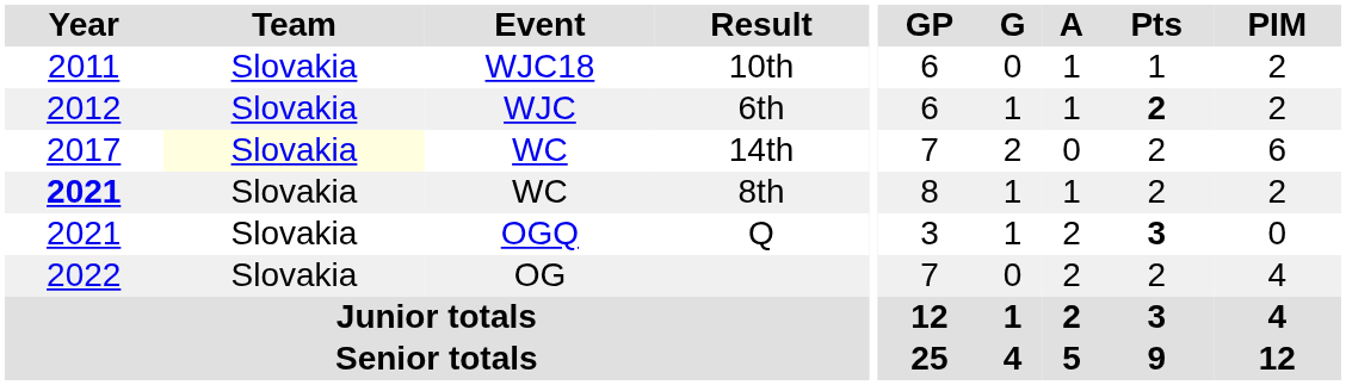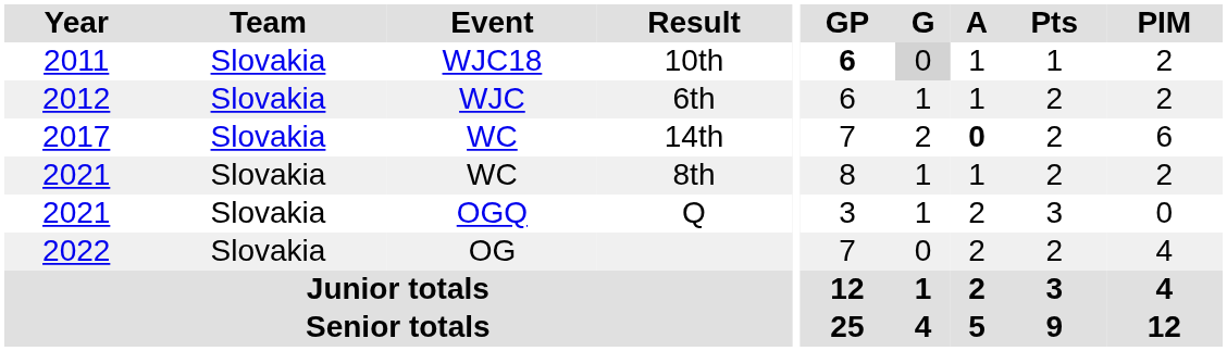 <table border="0" cellpadding="1" cellspacing="0" ID="Table3" style="text-align:center; width:40em">
 <tr ALIGN="center" bgcolor="#e0e0e0">
 <th>Year</th>
 <th>Team</th>
 <th>Event</th>
 <th>Result</th>
 <th rowspan="99" bgcolor="#ffffff"></th>
 <th>GP</th>
 <th>G</th>
 <th>A</th>
 <th>Pts</th>
 <th>PIM</th>
 </tr>
 <tr>
 <td><a href='#'>2011</a></td>
 <td><a href='#'>Slovakia</a></td>
 <td><a href='#'>WJC18</a></td>
 <td>10th</td>
-<td>6</td>
-<td>0</td>
+<td><strong>6</strong></td>
+<td style="background: lightgrey;">0</td>
 <td>1</td>
 <td>1</td>
 <td>2</td>
 </tr>
 <tr bgcolor="#f0f0f0">
 <td><a href='#'>2012</a></td>
 <td><a href='#'>Slovakia</a></td>
 <td><a href='#'>WJC</a></td>
 <td>6th</td>
 <td>6</td>
 <td>1</td>
 <td>1</td>
-<td><strong>2</strong></td>
+<td>2</td>
 <td>2</td>
 </tr>
 <tr>
 <td><a href='#'>2017</a></td>
-<td style="background: lightyellow;"><a href='#'>Slovakia</a></td>
+<td><a href='#'>Slovakia</a></td>
 <td><a href='#'>WC</a></td>
 <td>14th</td>
 <td>7</td>
 <td>2</td>
-<td>0</td>
+<td><strong>0</strong></td>
 <td>2</td>
 <td>6</td>
 </tr>
 <tr bgcolor="#f0f0f0">
-<td><strong><a href='#'>2021</a></strong></td>
+<td><a href='#'>2021</a></td>
 <td>Slovakia</td>
 <td>WC</td>
 <td>8th</td>
 <td>8</td>
 <td>1</td>
 <td>1</td>
 <td>2</td>
 <td>2</td>
 </tr>
 <tr>
 <td><a href='#'>2021</a></td>
 <td>Slovakia</td>
 <td><a href='#'>OGQ</a></td>
 <td>Q</td>
 <td>3</td>
 <td>1</td>
 <td>2</td>
-<td><strong>3</strong></td>
+<td>3</td>
 <td>0</td>
 </tr>
 <tr bgcolor="#f0f0f0">
 <td><a href='#'>2022</a></td>
 <td>Slovakia</td>
 <td>OG</td>
 <td></td>
 <td>7</td>
 <td>0</td>
 <td>2</td>
 <td>2</td>
 <td>4</td>
 </tr>
 <tr bgcolor="#e0e0e0">
 <th colspan="4">Junior totals</th>
 <th>12</th>
 <th>1</th>
 <th>2</th>
 <th>3</th>
 <th>4</th>
 </tr>
 <tr bgcolor="#e0e0e0">
 <th colspan=4>Senior totals</th>
 <th>25</th>
 <th>4</th>
 <th>5</th>
 <th>9</th>
 <th>12</th>
 </tr>
 </table>
